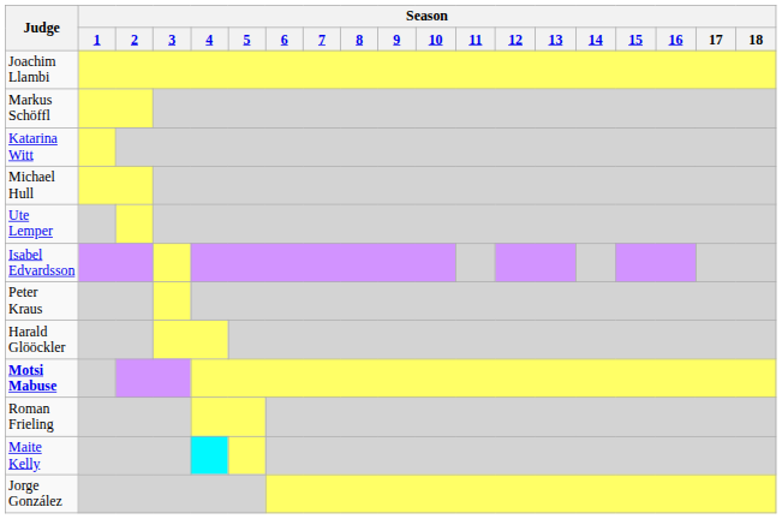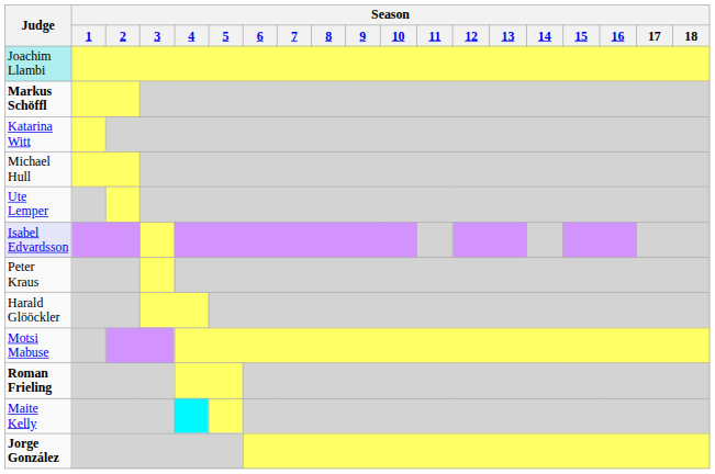 <table class="wikitable" style="margin:left;">
 <tr>
 <th rowspan="2">Judge</th>
 <th colspan="18">Season</th>
 </tr>
 <tr>
 <th width="50"><a href='#'>1</a></th>
 <th width="50"><a href='#'>2</a></th>
 <th width="50"><a href='#'>3</a></th>
 <th width="50"><a href='#'>4</a></th>
 <th width="50"><a href='#'>5</a></th>
 <th width="50"><a href='#'>6</a></th>
 <th width="50"><a href='#'>7</a></th>
 <th width="50"><a href='#'>8</a></th>
 <th width="50"><a href='#'>9</a></th>
 <th width="50"><a href='#'>10</a></th>
 <th width="50"><a href='#'>11</a></th>
 <th width="50"><a href='#'>12</a></th>
 <th width="50"><a href='#'>13</a></th>
 <th width="50"><a href='#'>14</a></th>
 <th width="50"><a href='#'>15</a></th>
 <th width="50"><a href='#'>16</a></th>
 <th width="50">17</th>
 <th width="50">18</th>
 </tr>
 <tr>
-<td>Joachim Llambi</td>
+<td style="background: paleturquoise;">Joachim Llambi</td>
 <td colspan="18" style="background:#FF6"></td>
 </tr>
 <tr>
-<td>Markus Schöffl</td>
+<td><strong>Markus Schöffl</strong></td>
 <td colspan="2" style="background:#FF6"></td>
 <td colspan="16" style="background:lightgrey"></td>
 </tr>
 <tr>
 <td><a href='#'>Katarina Witt</a></td>
 <td style="background:#FF6"></td>
 <td colspan="17" style="background:lightgrey"></td>
 </tr>
 <tr>
 <td>Michael Hull</td>
 <td colspan="2" style="background:#FF6"></td>
 <td colspan="16" style="background:lightgrey"></td>
 </tr>
 <tr>
 <td><a href='#'>Ute Lemper</a></td>
 <td style="background:lightgrey"></td>
 <td style="background:#FF6"></td>
 <td colspan="16" style="background:lightgrey"></td>
 </tr>
 <tr>
-<td><a href='#'>Isabel Edvardsson</a></td>
+<td style="background: lavender;"><a href='#'>Isabel Edvardsson</a></td>
 <td colspan="2" style="background:#d293ff"></td>
 <td style="background:#FF6"></td>
 <td colspan="7" style="background:#d293ff"></td>
 <td style="background:lightgrey"></td>
 <td colspan="2" style="background:#d293ff"></td>
 <td style="background:lightgrey"></td>
 <td colspan="2" style="background:#d293ff"></td>
 <td colspan="2" style="background:lightgrey"></td>
 </tr>
 <tr>
 <td>Peter Kraus</td>
 <td colspan="2" style="background:lightgrey"></td>
 <td style="background:#FF6"></td>
 <td colspan="15" style="background:lightgrey"></td>
 </tr>
 <tr>
 <td>Harald Glööckler</td>
 <td colspan="2" style="background:lightgrey"></td>
 <td colspan="2" style="background:#FF6"></td>
 <td colspan="14" style="background:lightgrey"></td>
 </tr>
 <tr>
-<td><strong><a href='#'>Motsi Mabuse</a></strong></td>
+<td><a href='#'>Motsi Mabuse</a></td>
 <td style="background:lightgrey"></td>
 <td colspan="2" style="background:#d293ff"></td>
 <td colspan="15" style="background:#FF6"></td>
 </tr>
 <tr>
-<td>Roman Frieling</td>
+<td><strong>Roman Frieling</strong></td>
 <td colspan="3" style="background:lightgrey"></td>
 <td colspan="2" style="background:#FF6"></td>
 <td colspan="13" style="background:lightgrey"></td>
 </tr>
 <tr>
 <td><a href='#'>Maite Kelly</a></td>
 <td colspan="3" style="background:lightgrey"></td>
 <td style="background:#00f9ff"></td>
 <td style="background:#FF6"></td>
 <td colspan="13" style="background:lightgrey"></td>
 </tr>
 <tr>
-<td>Jorge González</td>
+<td><strong>Jorge González</strong></td>
 <td colspan="5" style="background:lightgrey"></td>
 <td colspan="13" style="background:#FF6"></td>
 </tr>
 </table>
